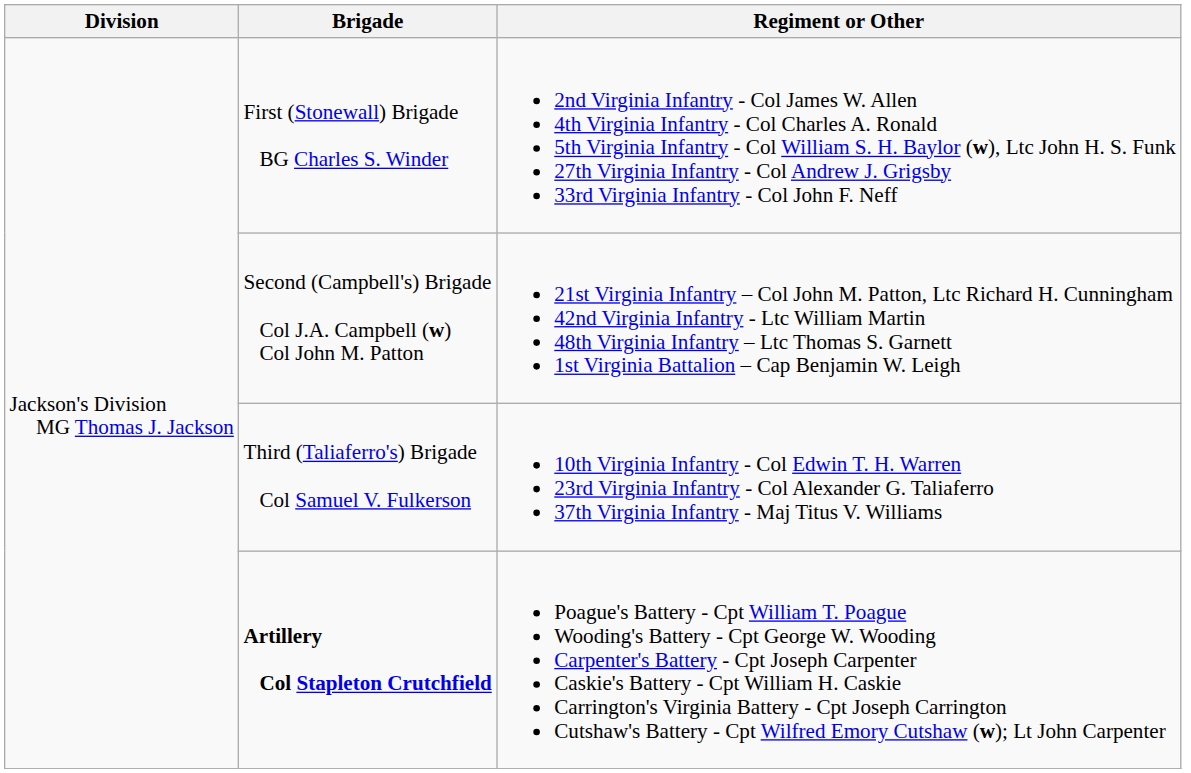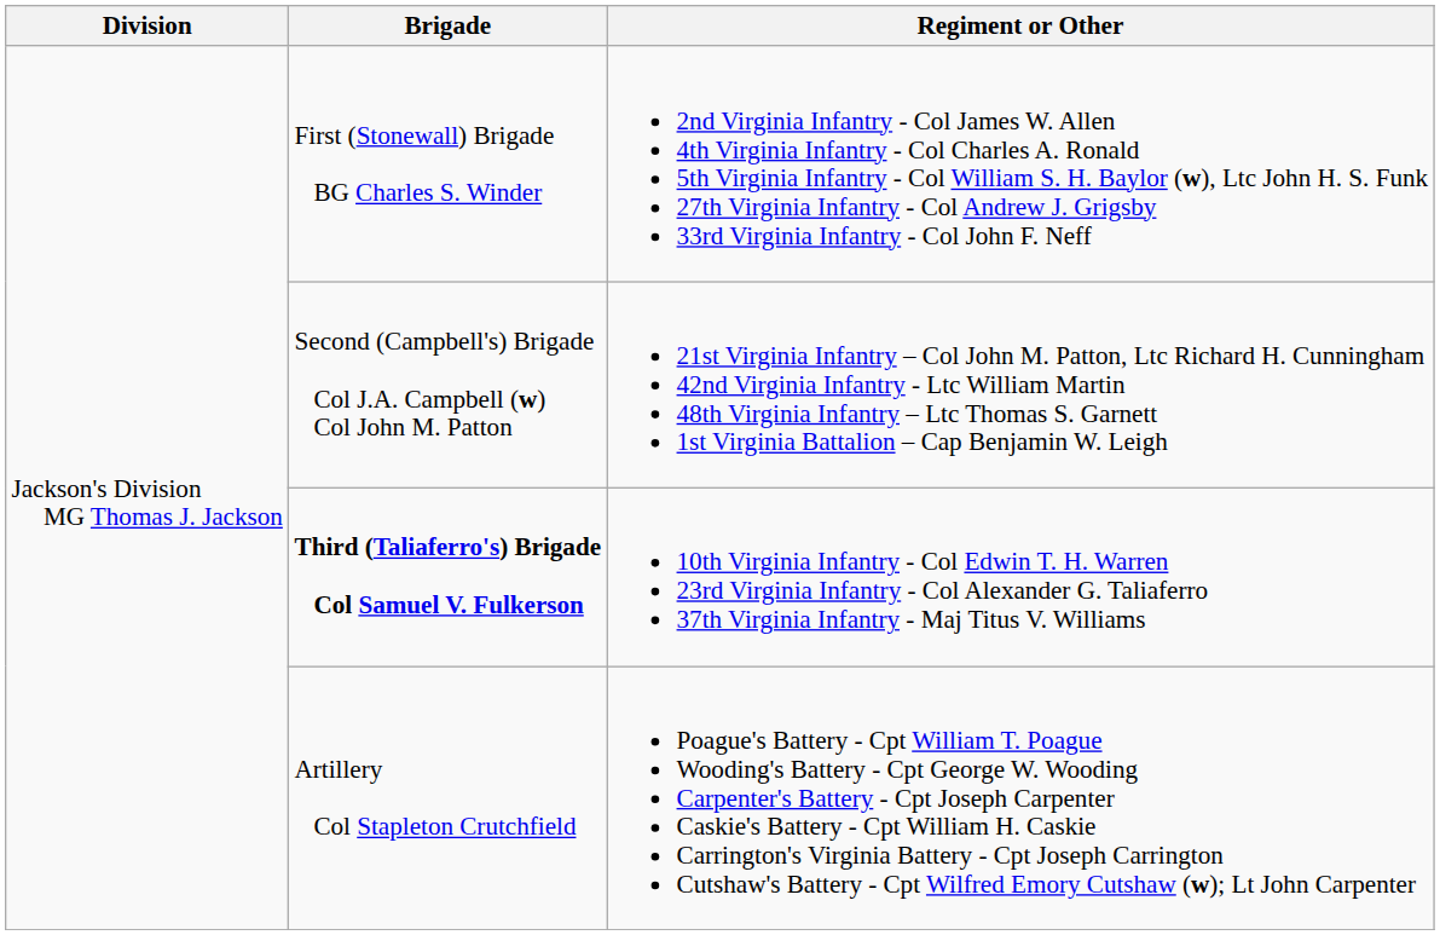 <table class="wikitable">
 <tr>
 <th>Division</th>
 <th>Brigade</th>
 <th>Regiment or Other</th>
 </tr>
 <tr>
 <td rowspan=4><br>Jackson's Division <br>     MG <a href='#'>Thomas J. Jackson</a></td>
 <td>First (<a href='#'>Stonewall</a>) Brigade<br><br>   BG <a href='#'>Charles S. Winder</a></td>
 <td><br><ul><li><a href='#'>2nd Virginia Infantry</a> - Col James W. Allen</li><li><a href='#'>4th Virginia Infantry</a> - Col Charles A. Ronald</li><li><a href='#'>5th Virginia Infantry</a> - Col <a href='#'>William S. H. Baylor</a> (<strong>w</strong>), Ltc John H. S. Funk</li><li><a href='#'>27th Virginia Infantry</a> - Col <a href='#'>Andrew J. Grigsby</a></li><li><a href='#'>33rd Virginia Infantry</a> - Col John F. Neff</li></ul></td>
 </tr>
 <tr>
 <td>Second (Campbell's) Brigade<br><br>   Col J.A. Campbell (<strong>w</strong>) <br>   Col John M. Patton</td>
 <td><br><ul><li><a href='#'>21st Virginia Infantry</a> – Col John M. Patton, Ltc Richard H. Cunningham</li><li><a href='#'>42nd Virginia Infantry</a> - Ltc William Martin</li><li><a href='#'>48th Virginia Infantry</a> – Ltc Thomas S. Garnett</li><li><a href='#'>1st Virginia Battalion</a> – Cap Benjamin W. Leigh</li></ul></td>
 </tr>
 <tr>
-<td>Third (<a href='#'>Taliaferro's</a>) Brigade<br><br>   Col <a href='#'>Samuel V. Fulkerson</a></td>
+<td><strong>Third (<a href='#'>Taliaferro's</a>) Brigade<br><br>   Col <a href='#'>Samuel V. Fulkerson</a></strong></td>
 <td><br><ul><li><a href='#'>10th Virginia Infantry</a> - Col <a href='#'>Edwin T. H. Warren</a></li><li><a href='#'>23rd Virginia Infantry</a> - Col Alexander G. Taliaferro</li><li><a href='#'>37th Virginia Infantry</a> - Maj Titus V. Williams</li></ul></td>
 </tr>
 <tr>
-<td><strong>Artillery<br><br>   Col <a href='#'>Stapleton Crutchfield</a></strong></td>
+<td>Artillery<br><br>   Col <a href='#'>Stapleton Crutchfield</a></td>
 <td><br><ul><li>Poague's Battery - Cpt <a href='#'>William T. Poague</a></li><li>Wooding's Battery - Cpt George W. Wooding</li><li><a href='#'>Carpenter's Battery</a> - Cpt Joseph Carpenter</li><li>Caskie's Battery - Cpt William H. Caskie</li><li>Carrington's Virginia Battery - Cpt Joseph Carrington</li><li>Cutshaw's Battery - Cpt <a href='#'>Wilfred Emory Cutshaw</a> (<strong>w</strong>); Lt John Carpenter</li></ul></td>
 </tr>
 <tr>
 </tr>
 </table>
